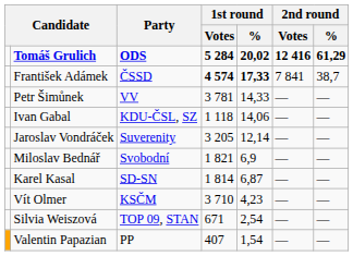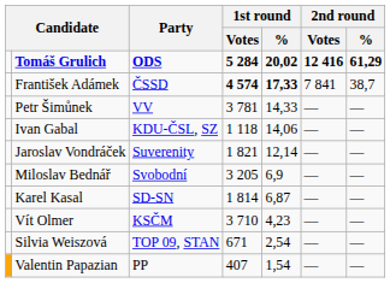 <table class="wikitable sortable">
 <tr>
 <th colspan="2" rowspan="2">Candidate</th>
 <th rowspan="2">Party</th>
 <th colspan="2">1st round</th>
 <th colspan="2">2nd round</th>
 </tr>
 <tr>
 <th>Votes</th>
 <th>%</th>
 <th>Votes</th>
 <th>%</th>
 </tr>
 <tr>
 <td style="background-color:"></td>
 <td><strong><a href='#'>Tomáš Grulich</a></strong></td>
 <td><a href='#'><strong>ODS</strong></a></td>
 <td><strong>5 284</strong></td>
 <td><strong>20,02</strong></td>
 <td><strong>12 416</strong></td>
 <td><strong>61,29</strong></td>
 </tr>
 <tr>
 <td style="background-color:"></td>
 <td>František Adámek</td>
 <td><a href='#'>ČSSD</a></td>
 <td><strong>4 574</strong></td>
 <td><strong>17,33</strong></td>
 <td>7 841</td>
 <td>38,7</td>
 </tr>
 <tr>
 <td style="background-color:"></td>
 <td>Petr Šimůnek</td>
 <td><a href='#'>VV</a></td>
 <td>3 781</td>
 <td>14,33</td>
 <td>—</td>
 <td>—</td>
 </tr>
 <tr>
 <td style="background-color:"></td>
 <td>Ivan Gabal</td>
 <td><a href='#'>KDU-ČSL</a>, <a href='#'>SZ</a></td>
 <td>1 118</td>
 <td>14,06</td>
 <td>—</td>
 <td>—</td>
 </tr>
 <tr>
 <td style="background-color:"></td>
 <td>Jaroslav Vondráček</td>
 <td><a href='#'>Suverenity</a></td>
-<td>3 205</td>
+<td>1 821</td>
 <td>12,14</td>
 <td>—</td>
 <td>—</td>
 </tr>
 <tr>
 <td style="background-color:"></td>
 <td>Miloslav Bednář</td>
 <td><a href='#'>Svobodní</a></td>
-<td>1 821</td>
+<td>3 205</td>
 <td>6,9</td>
 <td>—</td>
 <td>—</td>
 </tr>
 <tr>
 <td style="background-color:"></td>
 <td>Karel Kasal</td>
 <td><a href='#'>SD-SN</a></td>
 <td>1 814</td>
 <td>6,87</td>
 <td>—</td>
 <td>—</td>
 </tr>
 <tr>
 <td style="background-color:"></td>
 <td>Vít Olmer</td>
 <td><a href='#'>KSČM</a></td>
 <td>3 710</td>
 <td>4,23</td>
 <td>—</td>
 <td>—</td>
 </tr>
 <tr>
 <td style="background-color:"></td>
 <td>Silvia Weiszová</td>
 <td><a href='#'>TOP 09</a>, <a href='#'>STAN</a></td>
 <td>671</td>
 <td>2,54</td>
 <td>—</td>
 <td>—</td>
 </tr>
 <tr>
 <td style="background-color:orange"></td>
 <td>Valentin Papazian</td>
 <td>PP</td>
 <td>407</td>
 <td>1,54</td>
 <td>—</td>
 <td>—</td>
 </tr>
 </table>
